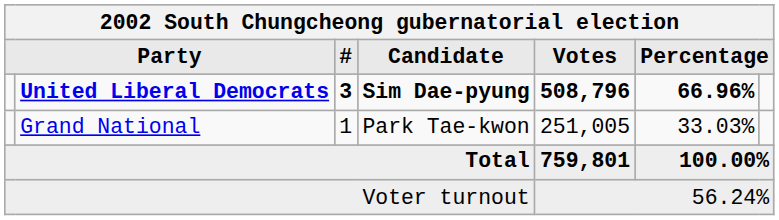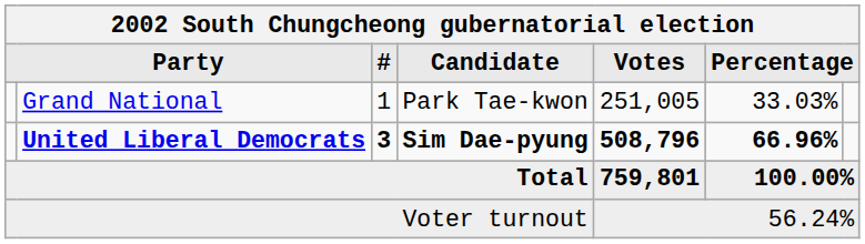 <table class="wikitable">
 <tr>
 <th colspan="7">2002 South Chungcheong gubernatorial election</th>
 </tr>
 <tr>
 <th style="background-color:#E9E9E9" colspan=2>Party</th>
 <th style="background-color:#E9E9E9">#</th>
 <th style="background-color:#E9E9E9">Candidate</th>
 <th style="background-color:#E9E9E9">Votes</th>
 <th style="background-color:#E9E9E9" colspan=2>Percentage</th>
 </tr>
+<tr>
+<td></td>
+<td align=left><a href='#'>Grand National</a></td>
+<td align=center>1</td>
+<td align=left>Park Tae-kwon</td>
+<td align=right>251,005</td>
+<td align=right>33.03%</td>
+<td align=right></td>
+</tr>
 <tr style="font-weight:bold">
 <td></td>
 <td align=left><a href='#'>United Liberal Democrats</a></td>
 <td align=center>3</td>
 <td align=left>Sim Dae-pyung</td>
 <td align=right>508,796</td>
 <td align=right>66.96%</td>
-<td align=right></td>
-</tr>
-<tr>
-<td></td>
-<td align=left><a href='#'>Grand National</a></td>
-<td align=center>1</td>
-<td align=left>Park Tae-kwon</td>
-<td align=right>251,005</td>
-<td align=right>33.03%</td>
 <td align=right></td>
 </tr>
 <tr bgcolor="#EEEEEE" style="font-weight:bold">
 <td colspan="4" align=right>Total</td>
 <td align=right>759,801</td>
 <td align=right colspan=2>100.00%</td>
 </tr>
 <tr bgcolor="#EEEEEE">
 <td colspan="4" align="right">Voter turnout</td>
 <td colspan="3" align="right">56.24%</td>
 </tr>
 </table>
